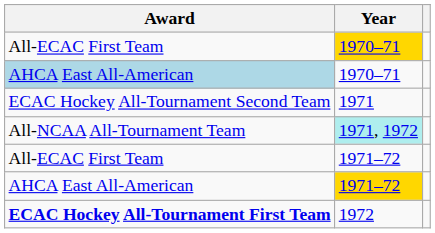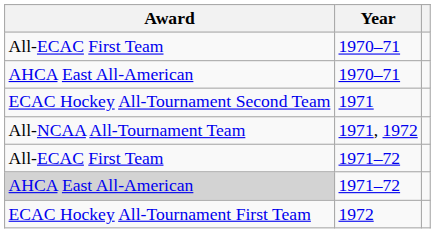 <table class="wikitable">
 <tr>
 <th>Award</th>
 <th>Year</th>
 <th></th>
 </tr>
 <tr>
 <td>All-<a href='#'>ECAC</a> <a href='#'>First Team</a></td>
-<td style="background: gold;"><a href='#'>1970–71</a></td>
+<td><a href='#'>1970–71</a></td>
 <td></td>
 </tr>
 <tr>
-<td style="background: lightblue;"><a href='#'>AHCA</a> <a href='#'>East All-American</a></td>
+<td><a href='#'>AHCA</a> <a href='#'>East All-American</a></td>
 <td><a href='#'>1970–71</a></td>
 <td></td>
 </tr>
 <tr>
 <td><a href='#'>ECAC Hockey</a> <a href='#'>All-Tournament Second Team</a></td>
 <td><a href='#'>1971</a></td>
 <td></td>
 </tr>
 <tr>
 <td>All-<a href='#'>NCAA</a> <a href='#'>All-Tournament Team</a></td>
-<td style="background: paleturquoise;"><a href='#'>1971</a>, <a href='#'>1972</a></td>
+<td><a href='#'>1971</a>, <a href='#'>1972</a></td>
 <td></td>
 </tr>
 <tr>
 <td>All-<a href='#'>ECAC</a> <a href='#'>First Team</a></td>
 <td><a href='#'>1971–72</a></td>
 <td></td>
 </tr>
 <tr>
-<td><a href='#'>AHCA</a> <a href='#'>East All-American</a></td>
-<td style="background: gold;"><a href='#'>1971–72</a></td>
+<td style="background: lightgrey;"><a href='#'>AHCA</a> <a href='#'>East All-American</a></td>
+<td><a href='#'>1971–72</a></td>
 <td></td>
 </tr>
 <tr>
-<td><strong><a href='#'>ECAC Hockey</a> <a href='#'>All-Tournament First Team</a></strong></td>
+<td><a href='#'>ECAC Hockey</a> <a href='#'>All-Tournament First Team</a></td>
 <td><a href='#'>1972</a></td>
 <td></td>
 </tr>
 </table>
